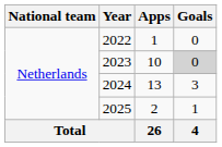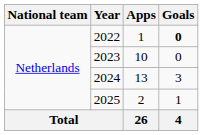 <table class="wikitable" style="text-align:center">
 <tr>
 <th scope="col">National team</th>
 <th scope="col">Year</th>
 <th scope="col">Apps</th>
 <th scope="col">Goals</th>
 </tr>
 <tr>
 <td scope="rowgroup" rowspan="4"><a href='#'>Netherlands</a></td>
 <td scope="row">2022</td>
 <td>1</td>
-<td>0</td>
+<td><strong>0</strong></td>
 </tr>
 <tr>
 <td scope="row">2023</td>
 <td>10</td>
-<td style="background: lightgrey;">0</td>
+<td>0</td>
 </tr>
 <tr>
 <td scope="row">2024</td>
 <td>13</td>
 <td>3</td>
 </tr>
 <tr>
 <td scope="row">2025</td>
 <td>2</td>
 <td>1</td>
 </tr>
 <tr>
 <th scope="row" colspan="2">Total</th>
 <th>26</th>
 <th>4</th>
 </tr>
 </table>
